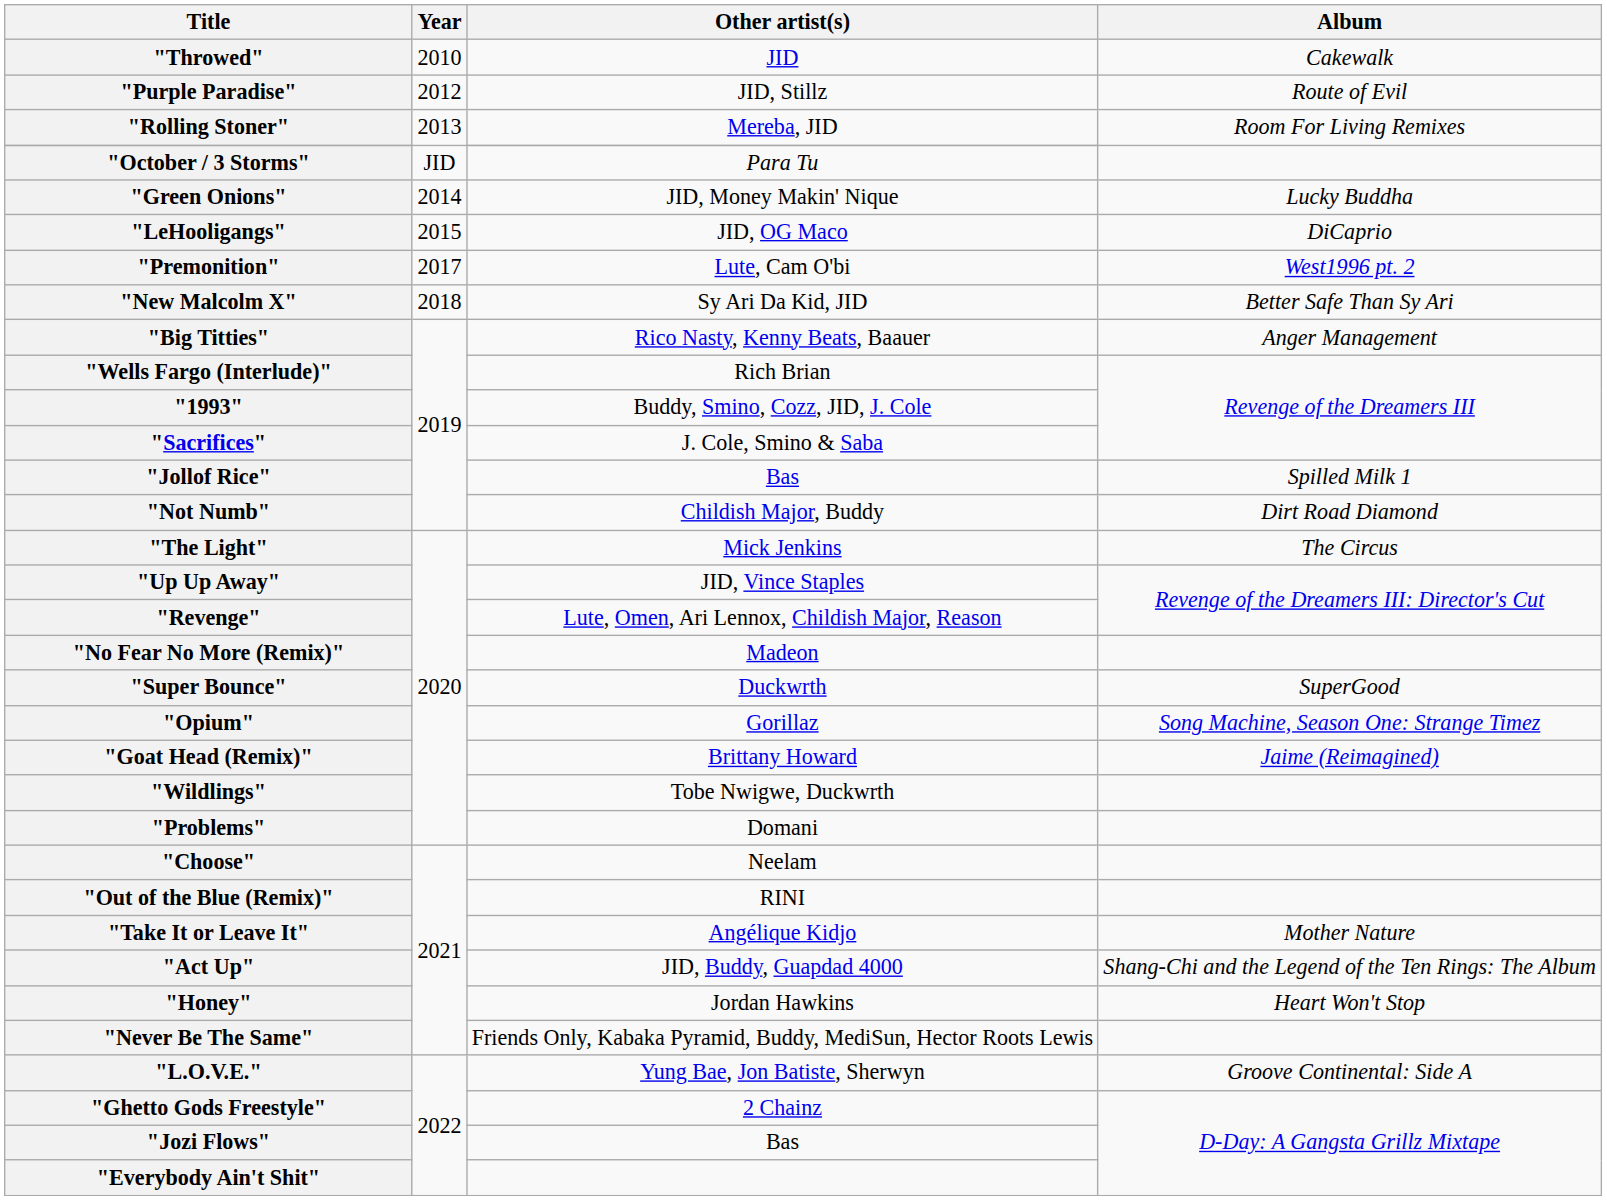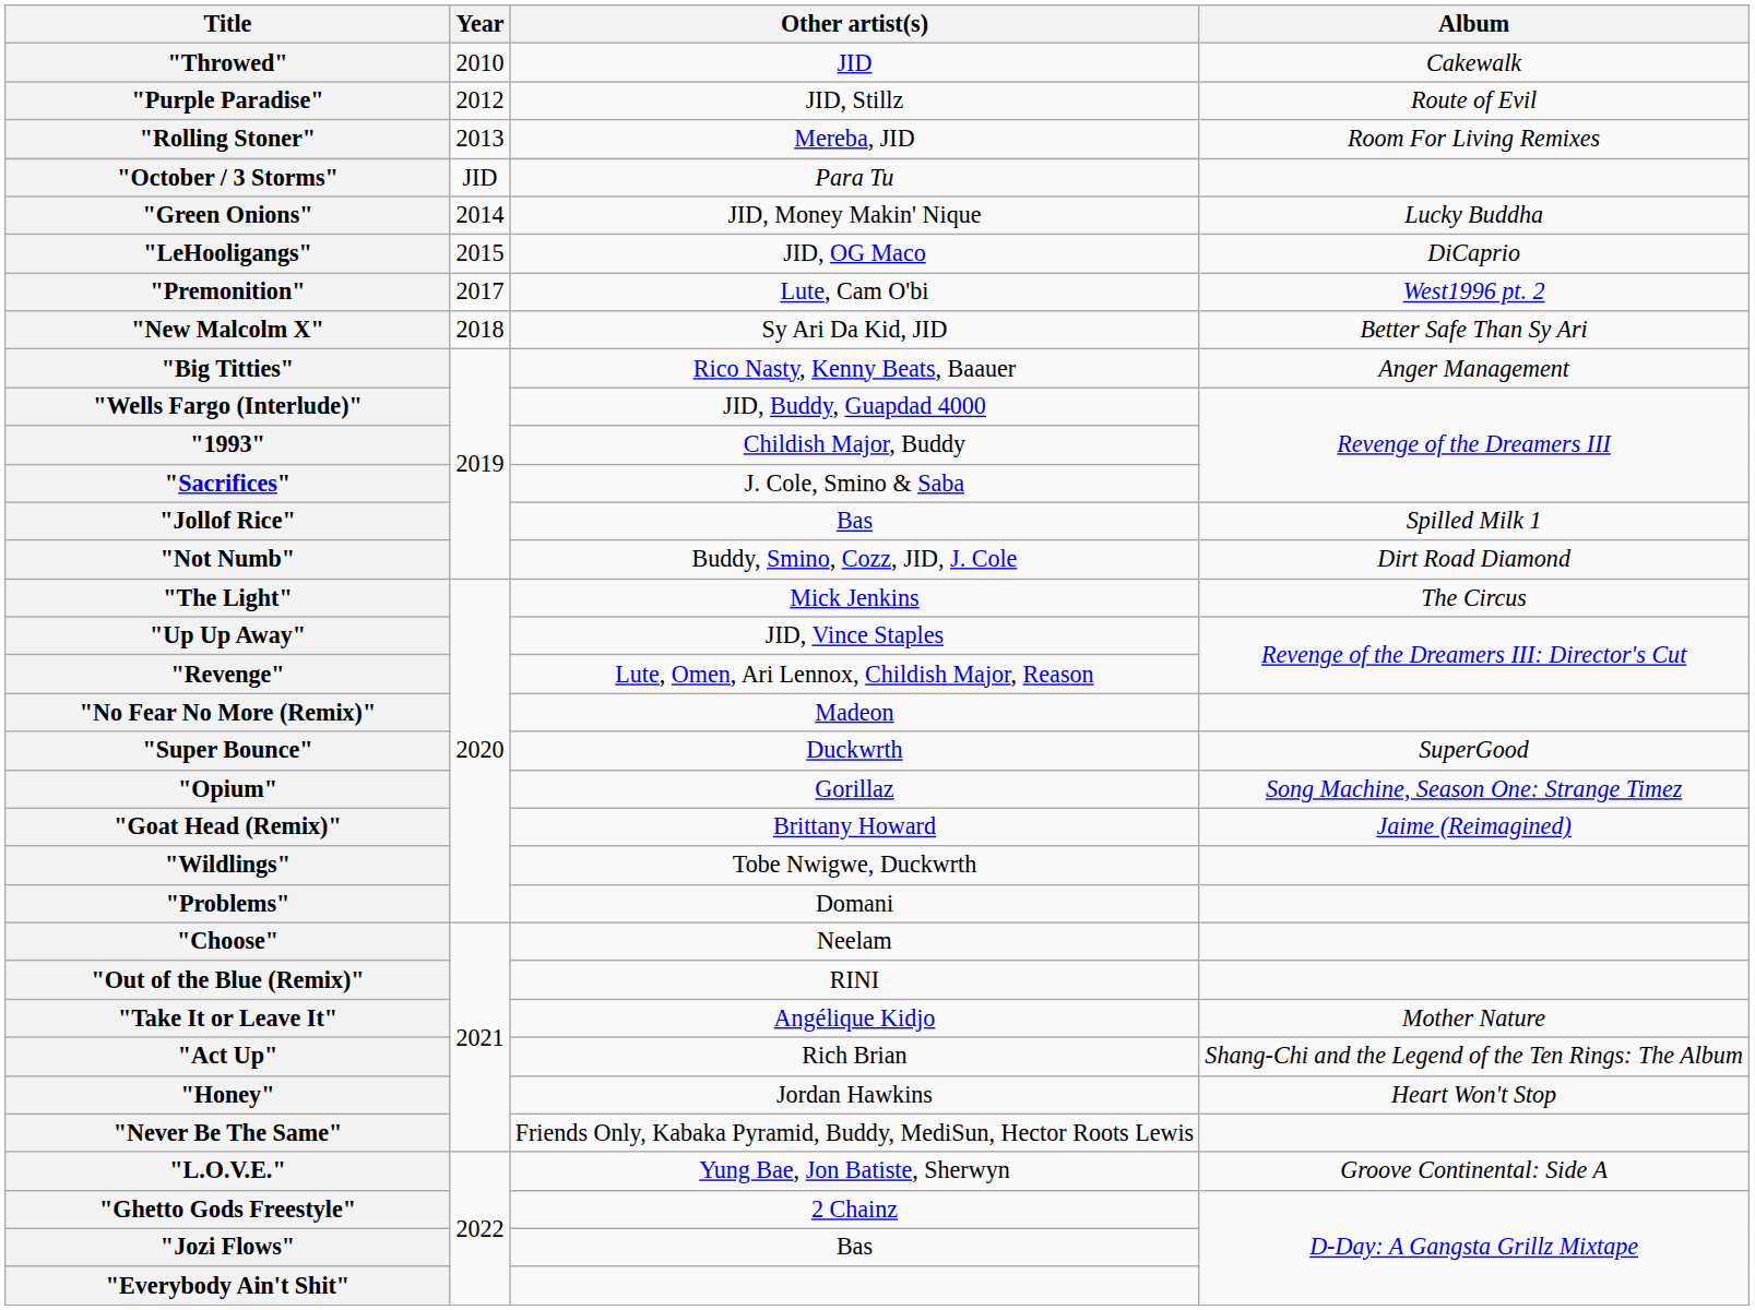 <table class="wikitable plainrowheaders" style="text-align:center;">
 <tr>
 <th scope="col" style="width:18em;">Title</th>
 <th scope="col">Year</th>
 <th scope="col">Other artist(s)</th>
 <th scope="col">Album</th>
 </tr>
 <tr>
 <th scope="row">"Throwed"</th>
 <td>2010</td>
 <td><a href='#'>JID</a></td>
 <td><em>Cakewalk</em></td>
 </tr>
 <tr>
 <th scope="row">"Purple Paradise"</th>
 <td>2012</td>
 <td>JID, Stillz</td>
 <td><em>Route of Evil</em></td>
 </tr>
 <tr>
 <th scope="row">"Rolling Stoner"</th>
 <td rowspan="2">2013</td>
 <td><a href='#'>Mereba</a>, JID</td>
 <td><em>Room For Living Remixes</em></td>
 </tr>
 <tr>
 </tr>
 <tr>
 <th scope="row">"October / 3 Storms"</th>
 <td>JID</td>
 <td><em>Para Tu</em></td>
 </tr>
 <tr>
 <th scope="row">"Green Onions"</th>
 <td>2014</td>
 <td>JID, Money Makin' Nique</td>
 <td><em>Lucky Buddha</em></td>
 </tr>
 <tr>
 <th scope="row">"LeHooligangs"</th>
 <td>2015</td>
 <td>JID, <a href='#'>OG Maco</a></td>
 <td><em>DiCaprio</em></td>
 </tr>
 <tr>
 <th scope="row">"Premonition"</th>
 <td>2017</td>
 <td><a href='#'>Lute</a>, Cam O'bi</td>
 <td><em><a href='#'>West1996 pt. 2</a></em></td>
 </tr>
 <tr>
 <th scope="row">"New Malcolm X"</th>
 <td>2018</td>
 <td>Sy Ari Da Kid, JID</td>
 <td><em>Better Safe Than Sy Ari</em></td>
 </tr>
 <tr>
 <th scope="row">"Big Titties"</th>
 <td rowspan="6">2019</td>
 <td><a href='#'>Rico Nasty</a>, <a href='#'>Kenny Beats</a>, Baauer</td>
 <td><em>Anger Management</em></td>
 </tr>
 <tr>
 <th scope="row">"Wells Fargo (Interlude)"</th>
-<td>Rich Brian</td>
+<td>JID, <a href='#'>Buddy</a>, <a href='#'>Guapdad 4000</a></td>
 <td rowspan="3"><em><a href='#'>Revenge of the Dreamers III</a></em></td>
 </tr>
 <tr>
 <th scope="row">"1993"</th>
-<td>Buddy, <a href='#'>Smino</a>, <a href='#'>Cozz</a>, JID, <a href='#'>J. Cole</a></td>
+<td><a href='#'>Childish Major</a>, Buddy</td>
 </tr>
 <tr>
 <th scope="row">"<a href='#'>Sacrifices</a>"</th>
 <td>J. Cole, Smino & <a href='#'>Saba</a></td>
 </tr>
 <tr>
 <th scope="row">"Jollof Rice"</th>
 <td><a href='#'>Bas</a></td>
 <td><em>Spilled Milk 1</em></td>
 </tr>
 <tr>
 <th scope="row">"Not Numb"</th>
-<td><a href='#'>Childish Major</a>, Buddy</td>
+<td>Buddy, <a href='#'>Smino</a>, <a href='#'>Cozz</a>, JID, <a href='#'>J. Cole</a></td>
 <td><em>Dirt Road Diamond</em></td>
 </tr>
 <tr>
 <th scope="row">"The Light"</th>
 <td rowspan="9">2020</td>
 <td><a href='#'>Mick Jenkins</a></td>
 <td><em>The Circus</em></td>
 </tr>
 <tr>
 <th scope="row">"Up Up Away"</th>
 <td>JID, <a href='#'>Vince Staples</a></td>
 <td rowspan="2"><em><a href='#'>Revenge of the Dreamers III: Director's Cut</a></em></td>
 </tr>
 <tr>
 <th scope="row">"Revenge"</th>
 <td><a href='#'>Lute</a>, <a href='#'>Omen</a>, Ari Lennox, <a href='#'>Childish Major</a>, <a href='#'>Reason</a></td>
 </tr>
 <tr>
 <th scope="row">"No Fear No More (Remix)"</th>
 <td><a href='#'>Madeon</a></td>
 <td></td>
 </tr>
 <tr>
 <th scope="row">"Super Bounce"</th>
 <td><a href='#'>Duckwrth</a></td>
 <td><em>SuperGood</em></td>
 </tr>
 <tr>
 <th scope="row">"Opium"</th>
 <td><a href='#'>Gorillaz</a></td>
 <td><em><a href='#'>Song Machine, Season One: Strange Timez</a></em></td>
 </tr>
 <tr>
 <th scope="row">"Goat Head (Remix)"</th>
 <td><a href='#'>Brittany Howard</a></td>
 <td><em><a href='#'>Jaime (Reimagined)</a></em></td>
 </tr>
 <tr>
 <th scope="row">"Wildlings"</th>
 <td>Tobe Nwigwe, Duckwrth</td>
 <td></td>
 </tr>
 <tr>
 <th scope="row">"Problems"</th>
 <td>Domani</td>
 <td></td>
 </tr>
 <tr>
 <th scope="row">"Choose"</th>
 <td rowspan="6">2021</td>
 <td>Neelam</td>
 <td></td>
 </tr>
 <tr>
 <th scope="row">"Out of the Blue (Remix)"</th>
 <td>RINI</td>
 <td></td>
 </tr>
 <tr>
 <th scope="row">"Take It or Leave It"</th>
 <td><a href='#'>Angélique Kidjo</a></td>
 <td><em>Mother Nature</em></td>
 </tr>
 <tr>
 <th scope="row">"Act Up"</th>
-<td>JID, <a href='#'>Buddy</a>, <a href='#'>Guapdad 4000</a></td>
+<td>Rich Brian</td>
 <td><em>Shang-Chi and the Legend of the Ten Rings: The Album</em></td>
 </tr>
 <tr>
 <th scope="row">"Honey"</th>
 <td>Jordan Hawkins</td>
 <td><em>Heart Won't Stop</em></td>
 </tr>
 <tr>
 <th scope="row">"Never Be The Same"</th>
 <td>Friends Only, Kabaka Pyramid, Buddy, MediSun, Hector Roots Lewis</td>
 <td></td>
 </tr>
 <tr>
 <th scope="row">"L.O.V.E."</th>
 <td rowspan="4">2022</td>
 <td><a href='#'>Yung Bae</a>, <a href='#'>Jon Batiste</a>, Sherwyn</td>
 <td><em>Groove Continental: Side A</em></td>
 </tr>
 <tr>
 <th scope="row">"Ghetto Gods Freestyle"</th>
 <td><a href='#'>2 Chainz</a></td>
 <td rowspan="3"><em><a href='#'>D-Day: A Gangsta Grillz Mixtape</a></em></td>
 </tr>
 <tr>
 <th scope="row">"Jozi Flows"</th>
 <td>Bas</td>
 </tr>
 <tr>
 <th scope="row">"Everybody Ain't Shit"</th>
 <td></td>
 </tr>
 </table>
